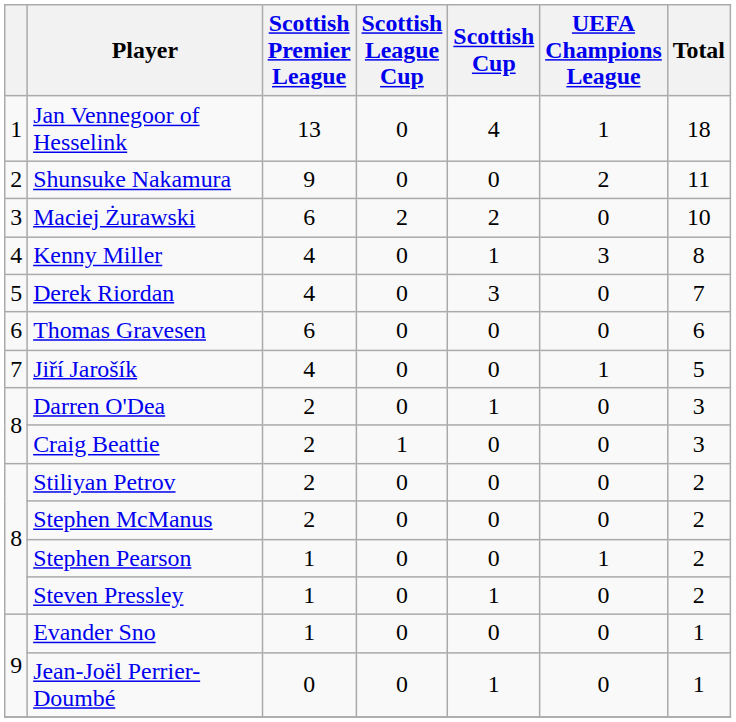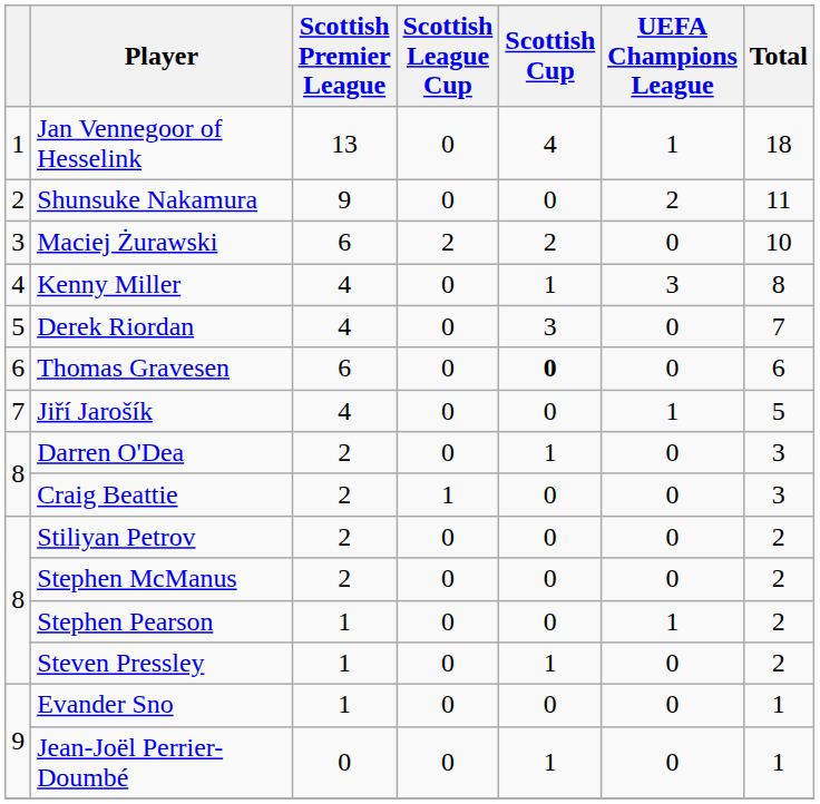 <table class="wikitable">
 <tr>
 <th></th>
 <th width="150">Player</th>
 <th><a href='#'>Scottish<br>Premier<br>League</a><br></th>
 <th><a href='#'>Scottish<br>League<br>Cup</a></th>
 <th><a href='#'>Scottish<br>Cup</a></th>
 <th><a href='#'>UEFA<br>Champions<br>League</a></th>
 <th>Total</th>
 </tr>
 <tr>
 <td align=center rowspan=1>1</td>
 <td> <a href='#'>Jan Vennegoor of Hesselink</a></td>
 <td align=center>13</td>
 <td align=center>0</td>
 <td align=center>4</td>
 <td align=center>1</td>
 <td align=center>18</td>
 </tr>
 <tr>
 <td align=center rowspan=1>2</td>
 <td> <a href='#'>Shunsuke Nakamura</a></td>
 <td align=center>9</td>
 <td align=center>0</td>
 <td align=center>0</td>
 <td align=center>2</td>
 <td align=center>11</td>
 </tr>
 <tr>
 <td align=center rowspan=1>3</td>
 <td> <a href='#'>Maciej Żurawski</a></td>
 <td align=center>6</td>
 <td align=center>2</td>
 <td align=center>2</td>
 <td align=center>0</td>
 <td align=center>10</td>
 </tr>
 <tr>
 <td align=center rowspan=1>4</td>
 <td> <a href='#'>Kenny Miller</a></td>
 <td align=center>4</td>
 <td align=center>0</td>
 <td align=center>1</td>
 <td align=center>3</td>
 <td align=center>8</td>
 </tr>
 <tr>
 <td align=center rowspan=1>5</td>
 <td> <a href='#'>Derek Riordan</a></td>
 <td align=center>4</td>
 <td align=center>0</td>
 <td align=center>3</td>
 <td align=center>0</td>
 <td align=center>7</td>
 </tr>
 <tr>
 <td align=center rowspan=1>6</td>
 <td> <a href='#'>Thomas Gravesen</a></td>
 <td align=center>6</td>
 <td align=center>0</td>
-<td align=center>0</td>
+<td align=center><strong>0</strong></td>
 <td align=center>0</td>
 <td align=center>6</td>
 </tr>
 <tr>
 <td align=center rowspan=1>7</td>
 <td> <a href='#'>Jiří Jarošík</a></td>
 <td align=center>4</td>
 <td align=center>0</td>
 <td align=center>0</td>
 <td align=center>1</td>
 <td align=center>5</td>
 </tr>
 <tr>
 <td align=center rowspan=2>8</td>
 <td> <a href='#'>Darren O'Dea</a></td>
 <td align=center>2</td>
 <td align=center>0</td>
 <td align=center>1</td>
 <td align=center>0</td>
 <td align=center>3</td>
 </tr>
 <tr>
 <td> <a href='#'>Craig Beattie</a></td>
 <td align=center>2</td>
 <td align=center>1</td>
 <td align=center>0</td>
 <td align=center>0</td>
 <td align=center>3</td>
 </tr>
 <tr>
 <td align=center rowspan=4>8</td>
 <td> <a href='#'>Stiliyan Petrov</a></td>
 <td align=center>2</td>
 <td align=center>0</td>
 <td align=center>0</td>
 <td align=center>0</td>
 <td align=center>2</td>
 </tr>
 <tr>
 <td> <a href='#'>Stephen McManus</a></td>
 <td align=center>2</td>
 <td align=center>0</td>
 <td align=center>0</td>
 <td align=center>0</td>
 <td align=center>2</td>
 </tr>
 <tr>
 <td> <a href='#'>Stephen Pearson</a></td>
 <td align=center>1</td>
 <td align=center>0</td>
 <td align=center>0</td>
 <td align=center>1</td>
 <td align=center>2</td>
 </tr>
 <tr>
 <td> <a href='#'>Steven Pressley</a></td>
 <td align=center>1</td>
 <td align=center>0</td>
 <td align=center>1</td>
 <td align=center>0</td>
 <td align=center>2</td>
 </tr>
 <tr>
 <td align=center rowspan=2>9</td>
 <td> <a href='#'>Evander Sno</a></td>
 <td align=center>1</td>
 <td align=center>0</td>
 <td align=center>0</td>
 <td align=center>0</td>
 <td align=center>1</td>
 </tr>
 <tr>
 <td> <a href='#'>Jean-Joël Perrier-Doumbé</a></td>
 <td align=center>0</td>
 <td align=center>0</td>
 <td align=center>1</td>
 <td align=center>0</td>
 <td align=center>1</td>
 </tr>
 <tr>
 </tr>
 </table>
